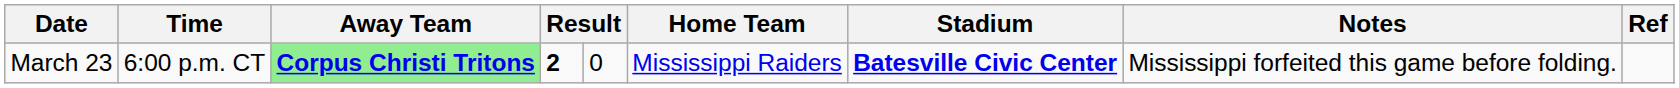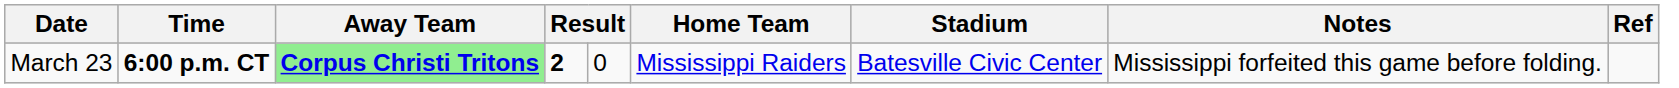 <table class="wikitable">
 <tr>
 <th>Date</th>
 <th>Time</th>
 <th>Away Team</th>
 <th colspan="2">Result</th>
 <th>Home Team</th>
 <th>Stadium</th>
 <th>Notes</th>
 <th>Ref</th>
 </tr>
 <tr>
 <td>March 23</td>
-<td>6:00 p.m. CT</td>
+<td><strong>6:00 p.m. CT</strong></td>
 <td style="background: lightgreen;"><strong><a href='#'>Corpus Christi Tritons</a></strong></td>
 <td><strong>2</strong></td>
 <td>0</td>
 <td><a href='#'>Mississippi Raiders</a></td>
-<td><strong><a href='#'>Batesville Civic Center</a></strong></td>
+<td><a href='#'>Batesville Civic Center</a></td>
 <td>Mississippi forfeited this game before folding.</td>
 <td></td>
 </tr>
 </table>
